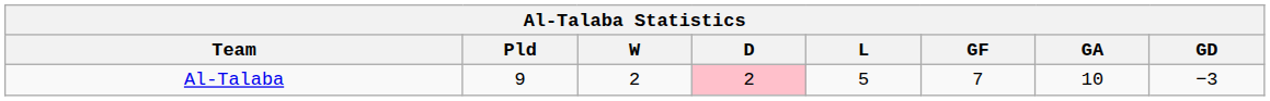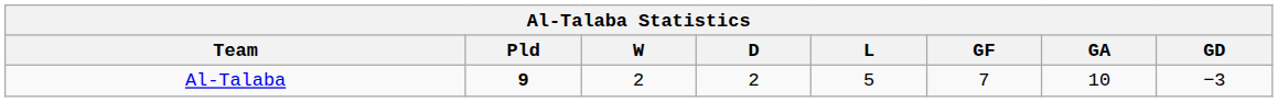 <table width=70% class="wikitable" style="text-align:">
 <tr>
 <th colspan=9>Al-Talaba Statistics</th>
 </tr>
 <tr>
 <th width=20%>Team</th>
 <th width=5%>Pld</th>
 <th width=5%>W</th>
 <th width=5%>D</th>
 <th width=5%>L</th>
 <th width=5%>GF</th>
 <th width=5%>GA</th>
 <th width=5%>GD</th>
 </tr>
 <tr align=center>
 <td align=center> <a href='#'>Al-Talaba</a></td>
-<td>9</td>
+<td><strong>9</strong></td>
 <td>2</td>
-<td style="background: pink;">2</td>
+<td>2</td>
 <td>5</td>
 <td>7</td>
 <td>10</td>
 <td>−3</td>
 </tr>
 </table>
